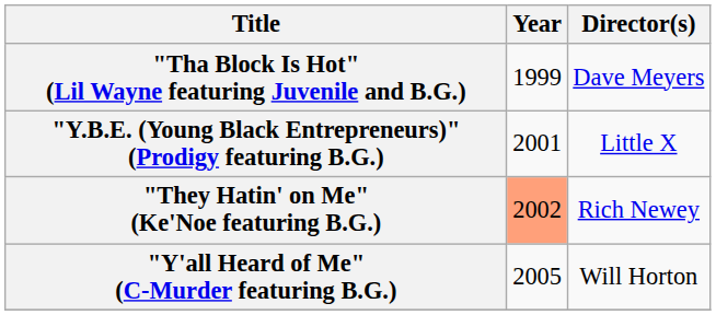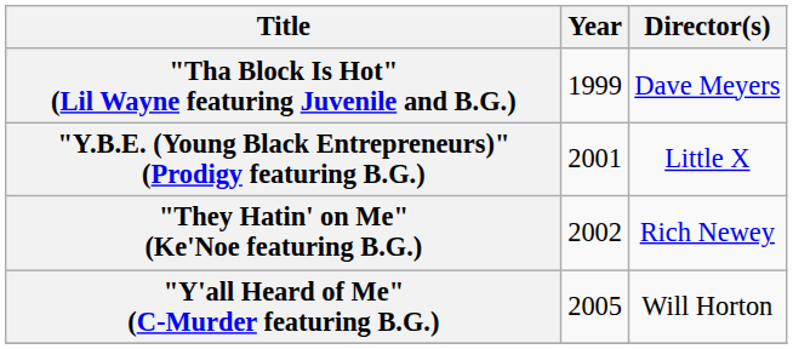 <table class="wikitable plainrowheaders" style="text-align:center;">
 <tr>
 <th scope="col" style="width:20em;">Title</th>
 <th scope="col">Year</th>
 <th scope="col">Director(s)</th>
 </tr>
 <tr>
 <th scope="row">"Tha Block Is Hot"<br><span>(<a href='#'>Lil Wayne</a> featuring <a href='#'>Juvenile</a> and B.G.)</span></th>
 <td>1999</td>
 <td><a href='#'>Dave Meyers</a></td>
 </tr>
 <tr>
 <th scope="row">"Y.B.E. (Young Black Entrepreneurs)"<br><span>(<a href='#'>Prodigy</a> featuring B.G.)</span></th>
 <td>2001</td>
 <td><a href='#'>Little X</a></td>
 </tr>
 <tr>
 <th scope="row">"They Hatin' on Me"<br><span>(Ke'Noe featuring B.G.)</span></th>
-<td style="background: lightsalmon;">2002</td>
+<td>2002</td>
 <td><a href='#'>Rich Newey</a></td>
 </tr>
 <tr>
 <th scope="row">"Y'all Heard of Me"<br><span>(<a href='#'>C-Murder</a> featuring B.G.)</span></th>
 <td>2005</td>
 <td>Will Horton</td>
 </tr>
 <tr>
 </tr>
 </table>
